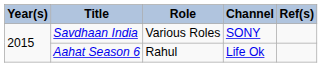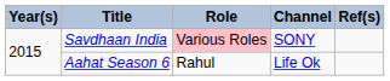 <table class="wikitable">
 <tr>
 <th style="background:#B0C4DE;">Year(s)</th>
 <th style="background:#B0C4DE;">Title</th>
 <th style="background:#B0C4DE;">Role</th>
 <th style="background:#B0C4DE;">Channel</th>
 <th style="background:#B0C4DE;">Ref(s)</th>
 </tr>
 <tr>
 <td rowspan="2">2015</td>
 <td><em><a href='#'>Savdhaan India</a></em></td>
-<td>Various Roles</td>
+<td style="background: pink;">Various Roles</td>
 <td><a href='#'>SONY</a></td>
 <td></td>
 </tr>
 <tr>
 <td><em><a href='#'>Aahat Season 6</a></em></td>
 <td>Rahul</td>
 <td><a href='#'>Life Ok</a></td>
 <td></td>
 </tr>
 </table>
